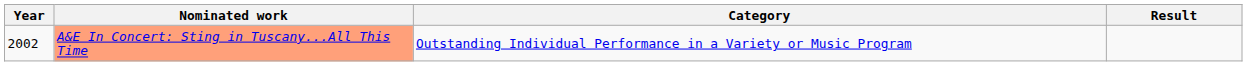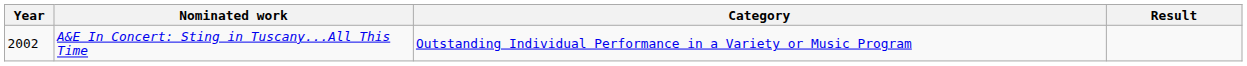 <table class=wikitable>
 <tr>
 <th width=4%>Year</th>
 <th width=29%>Nominated work</th>
 <th width=56%>Category</th>
 <th width=11%>Result</th>
 </tr>
 <tr>
 <td>2002</td>
-<td style="background: lightsalmon;"><em><a href='#'>A&E In Concert: Sting in Tuscany...All This Time</a></em></td>
+<td><em><a href='#'>A&E In Concert: Sting in Tuscany...All This Time</a></em></td>
 <td><a href='#'>Outstanding Individual Performance in a Variety or Music Program</a></td>
 <td></td>
 </tr>
 </table>
